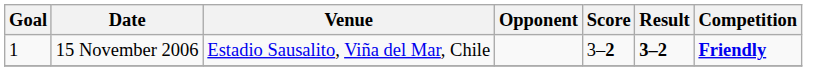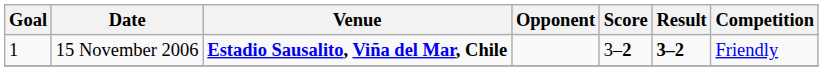 <table class="wikitable collapsible collapsed" style=font-size:85%>
 <tr>
 <th>Goal</th>
 <th>Date</th>
 <th>Venue</th>
 <th>Opponent</th>
 <th>Score</th>
 <th>Result</th>
 <th>Competition</th>
 </tr>
 <tr>
 <td>1</td>
 <td>15 November 2006</td>
-<td><a href='#'>Estadio Sausalito</a>, <a href='#'>Viña del Mar</a>, Chile</td>
+<td><strong><a href='#'>Estadio Sausalito</a>, <a href='#'>Viña del Mar</a>, Chile</strong></td>
 <td align=left></td>
 <td>3–<strong>2</strong></td>
 <td><strong>3–2</strong></td>
-<td><strong><a href='#'>Friendly</a></strong></td>
+<td><a href='#'>Friendly</a></td>
 </tr>
 <tr>
 </tr>
 </table>
